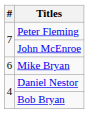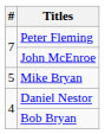 <table class="wikitable" style="display:inline-table;">
 <tr>
 <th>#</th>
 <th>Titles</th>
 </tr>
 <tr>
 <td rowspan="2" style="text-align: center;">7</td>
 <td> <a href='#'>Peter Fleming</a></td>
 </tr>
 <tr>
 <td> <a href='#'>John McEnroe</a></td>
 </tr>
 <tr>
-<td style="text-align: center;">6</td>
+<td style="text-align: center;">5</td>
 <td> <a href='#'>Mike Bryan</a></td>
 </tr>
 <tr>
 <td rowspan="2" style="text-align: center;">4</td>
 <td> <a href='#'>Daniel Nestor</a></td>
 </tr>
 <tr>
 <td> <a href='#'>Bob Bryan</a></td>
 </tr>
 </table>
